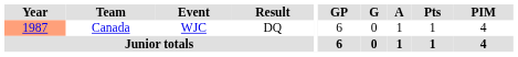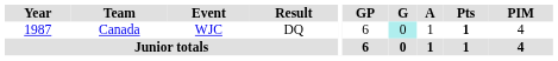 <table border="0" cellpadding="1" cellspacing="0" ID="Table3" style="text-align:center; width:40em">
 <tr ALIGN="center" bgcolor="#e0e0e0">
 <th>Year</th>
 <th>Team</th>
 <th>Event</th>
 <th>Result</th>
 <th rowspan="99" bgcolor="#ffffff"></th>
 <th>GP</th>
 <th>G</th>
 <th>A</th>
 <th>Pts</th>
 <th>PIM</th>
 </tr>
 <tr>
-<td style="background: lightsalmon;"><a href='#'>1987</a></td>
+<td><a href='#'>1987</a></td>
 <td><a href='#'>Canada</a></td>
 <td><a href='#'>WJC</a></td>
 <td>DQ</td>
 <td>6</td>
-<td>0</td>
+<td style="background: paleturquoise;">0</td>
 <td>1</td>
-<td>1</td>
+<td><strong>1</strong></td>
 <td>4</td>
 </tr>
 <tr bgcolor="#e0e0e0">
 <th colspan="4">Junior totals</th>
 <th>6</th>
 <th>0</th>
 <th>1</th>
 <th>1</th>
 <th>4</th>
 </tr>
 </table>
